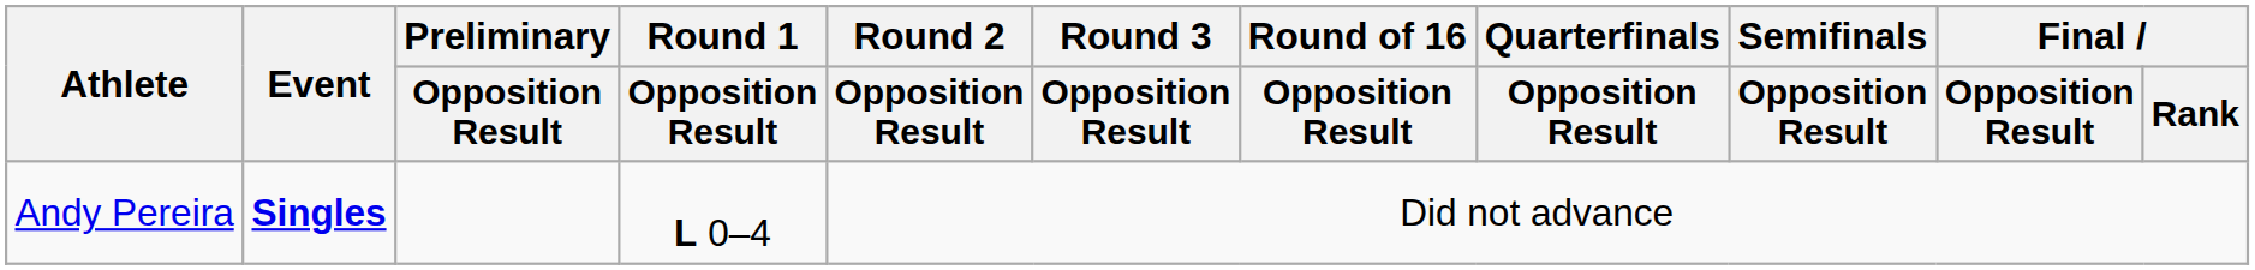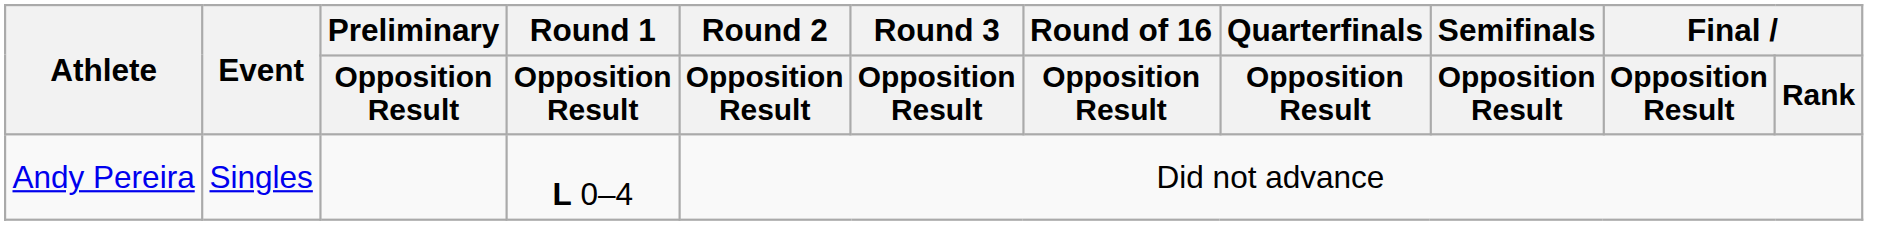 <table class=wikitable style=font-size:90%;text-align:center>
 <tr>
 <th rowspan=2>Athlete</th>
 <th rowspan=2>Event</th>
 <th>Preliminary</th>
 <th>Round 1</th>
 <th>Round 2</th>
 <th>Round 3</th>
 <th>Round of 16</th>
 <th>Quarterfinals</th>
 <th>Semifinals</th>
 <th colspan=2>Final / </th>
 </tr>
 <tr style=font-size:95%>
 <th>Opposition<br>Result</th>
 <th>Opposition<br>Result</th>
 <th>Opposition<br>Result</th>
 <th>Opposition<br>Result</th>
 <th>Opposition<br>Result</th>
 <th>Opposition<br>Result</th>
 <th>Opposition<br>Result</th>
 <th>Opposition<br>Result</th>
 <th>Rank</th>
 </tr>
 <tr>
 <td align=left><a href='#'>Andy Pereira</a></td>
-<td align=left><strong><a href='#'>Singles</a></strong></td>
+<td align=left><a href='#'>Singles</a></td>
 <td></td>
 <td><br><strong>L</strong> 0–4</td>
 <td colspan=7>Did not advance</td>
 </tr>
 </table>
